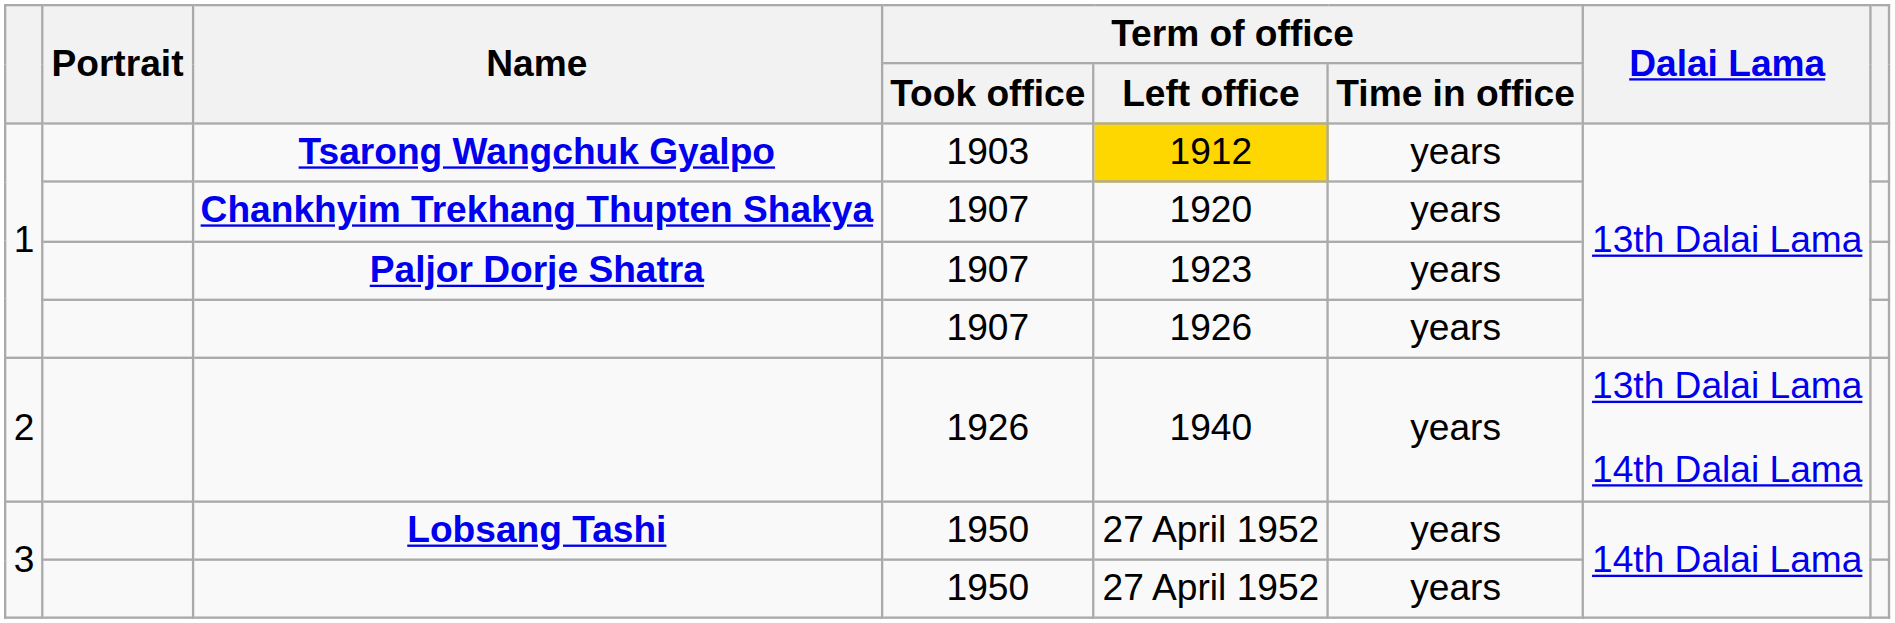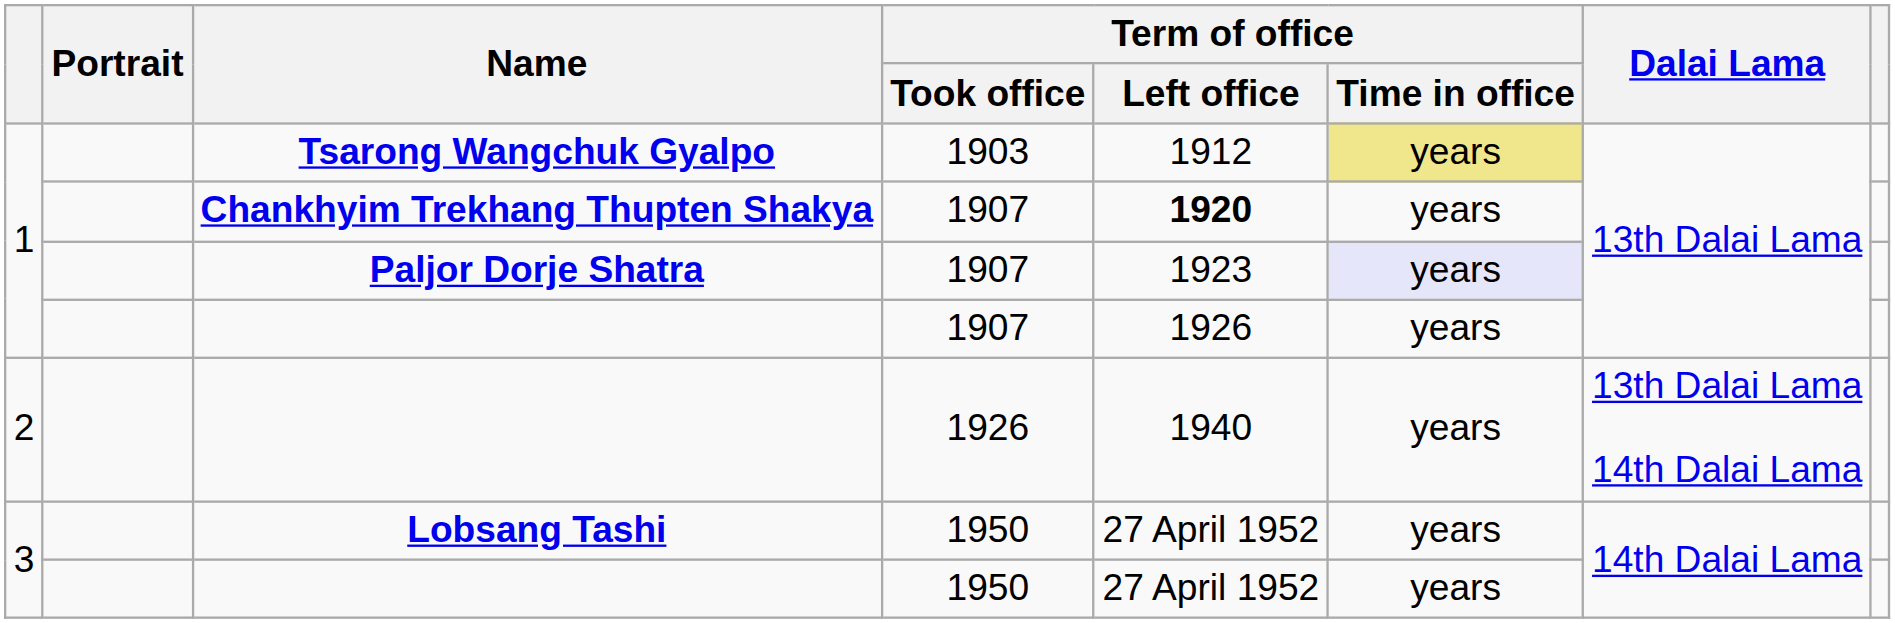 <table class="wikitable" style="text-align:center">
 <tr>
 <th rowspan=2></th>
 <th rowspan=2>Portrait</th>
 <th rowspan=2>Name<br></th>
 <th colspan=3>Term of office</th>
 <th rowspan=2><a href='#'>Dalai Lama</a></th>
 <th rowspan=2></th>
 </tr>
 <tr>
 <th>Took office</th>
 <th>Left office</th>
 <th>Time in office</th>
 </tr>
 <tr>
 <td rowspan=4>1</td>
 <td></td>
 <td><strong><a href='#'>Tsarong Wangchuk Gyalpo</a></strong><br></td>
 <td>1903</td>
-<td style="background: gold;">1912</td>
-<td> years</td>
+<td>1912</td>
+<td style="background: khaki;"> years</td>
 <td rowspan=4><a href='#'>13th Dalai Lama</a><br></td>
 </tr>
 <tr>
 <td></td>
 <td><strong><a href='#'>Chankhyim Trekhang Thupten Shakya</a></strong><br></td>
 <td>1907</td>
-<td>1920</td>
+<td><strong>1920</strong></td>
 <td> years</td>
 <td></td>
 </tr>
 <tr>
 <td></td>
 <td><strong><a href='#'>Paljor Dorje Shatra</a></strong><br></td>
 <td>1907</td>
 <td>1923</td>
-<td> years</td>
+<td style="background: lavender;"> years</td>
 <td></td>
 </tr>
 <tr>
 <td></td>
 <td><strong></strong><br></td>
 <td>1907</td>
 <td>1926</td>
 <td> years</td>
 <td></td>
 </tr>
 <tr>
 <td>2</td>
 <td></td>
 <td><strong></strong><br></td>
 <td>1926</td>
 <td>1940</td>
 <td> years</td>
 <td><a href='#'>13th Dalai Lama</a><br><br><a href='#'>14th Dalai Lama</a><br></td>
 <td></td>
 </tr>
 <tr>
 <td rowspan=2>3</td>
 <td></td>
 <td><strong><a href='#'>Lobsang Tashi</a></strong><br></td>
 <td>1950</td>
 <td>27 April 1952</td>
 <td> years</td>
 <td rowspan=2><a href='#'>14th Dalai Lama</a><br></td>
 <td></td>
 </tr>
 <tr>
 <td></td>
 <td><strong></strong><br></td>
 <td>1950</td>
 <td>27 April 1952</td>
 <td> years</td>
 <td></td>
 </tr>
 </table>
